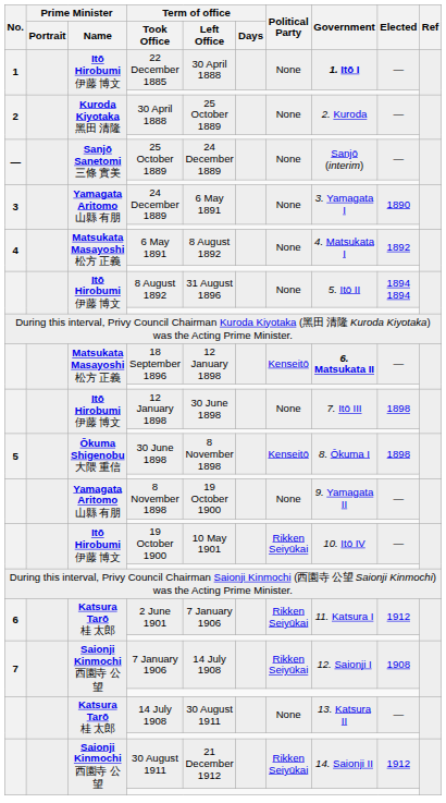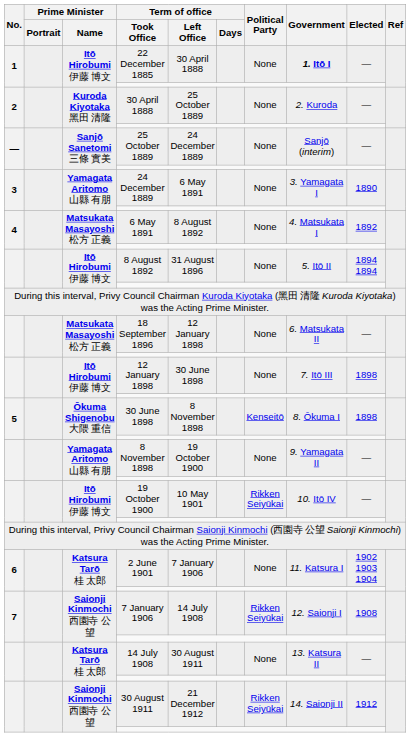 <table class="wikitable"  style="text-align:center; width:100%;">
 <tr>
 <th rowspan=2 style="width:25px;">No.</th>
 <th colspan=2 style="width:280px;">Prime Minister</th>
 <th colspan=3>Term of office</th>
 <th style="width:100px;" rowspan="2">Political Party</th>
 <th style="width:160px;" rowspan="2">Government</th>
 <th rowspan=2>Elected</th>
 <th rowspan=2 style="width:20px;">Ref</th>
 </tr>
 <tr>
 <th>Portrait</th>
 <th style="width:180px;">Name</th>
 <th>Took Office</th>
 <th>Left Office</th>
 <th>Days</th>
 </tr>
 <tr style="background:#eee;">
 <th rowspan=2 style="background:">1</th>
 <td rowspan=2></td>
 <td rowspan=2><strong><a href='#'>Itō Hirobumi</a></strong><br><span><span>伊藤 博文</span></span><br></td>
 <td>22 December 1885</td>
 <td>30 April 1888</td>
 <td></td>
 <td style="background:">None</td>
 <td><strong><em>1.</em> <a href='#'>Itō I</a></strong></td>
 <td>—</td>
 <td rowspan=2></td>
 </tr>
 <tr>
 <td colspan="6" style="text-align:left;"></td>
 </tr>
 <tr style="background:#eee;">
 <th rowspan=2 style="background:">2</th>
 <td rowspan=2></td>
 <td rowspan=2><strong><a href='#'>Kuroda Kiyotaka</a></strong><br><span><span>黑田 清隆</span></span><br></td>
 <td>30 April 1888</td>
 <td>25 October 1889</td>
 <td></td>
 <td style="background:">None</td>
 <td><em>2.</em> <a href='#'>Kuroda</a></td>
 <td>—</td>
 <td rowspan=2></td>
 </tr>
 <tr>
 <td colspan="6" style="text-align:left;"></td>
 </tr>
 <tr style="background:#eee;">
 <th rowspan=2 style="background:">—</th>
 <td rowspan=2></td>
 <td rowspan=2><strong><a href='#'>Sanjō Sanetomi</a></strong><br><span><span>三條 實美</span></span><br></td>
 <td>25 October 1889</td>
 <td>24 December 1889</td>
 <td></td>
 <td style="background:">None</td>
 <td><a href='#'>Sanjō</a> (<em>interim</em>)</td>
 <td>—</td>
 <td rowspan=2></td>
 </tr>
 <tr>
 <td colspan="6" style="text-align:left;"></td>
 </tr>
 <tr style="background:#eee;">
 <th rowspan=2 style="background:">3</th>
 <td rowspan=2></td>
 <td rowspan=2><strong><a href='#'>Yamagata Aritomo</a></strong><br><span><span>山縣 有朋</span></span><br></td>
 <td>24 December 1889</td>
 <td>6 May 1891</td>
 <td></td>
 <td style="background:">None</td>
 <td><em>3.</em> <a href='#'>Yamagata I</a></td>
 <td><a href='#'>1890</a></td>
 <td rowspan=2></td>
 </tr>
 <tr>
 <td colspan="6" style="text-align:left;"></td>
 </tr>
 <tr style="background:#eee;">
 <th rowspan=2 style="background:">4</th>
 <td rowspan=2></td>
 <td rowspan=2><strong><a href='#'>Matsukata Masayoshi</a></strong><br><span><span>松方 正義</span></span><br></td>
 <td>6 May 1891</td>
 <td>8 August 1892</td>
 <td></td>
 <td style="background:">None</td>
 <td><em>4.</em> <a href='#'>Matsukata I</a></td>
 <td><a href='#'>1892</a></td>
 <td rowspan=2></td>
 </tr>
 <tr>
 <td colspan="6" style="text-align:left;"></td>
 </tr>
 <tr style="background:#eee;">
 <th rowspan=2 style="background:"></th>
 <td rowspan=2></td>
 <td rowspan=2><strong><a href='#'>Itō Hirobumi</a></strong><br><span><span>伊藤 博文</span></span><br></td>
 <td>8 August 1892</td>
 <td>31 August 1896</td>
 <td></td>
 <td style="background:">None</td>
 <td><em>5.</em> <a href='#'>Itō II</a></td>
 <td><a href='#'> 1894</a><br><a href='#'> 1894</a></td>
 <td rowspan=2></td>
 </tr>
 <tr>
 <td colspan="6" style="text-align:left;"></td>
 </tr>
 <tr style="background:#eee;">
 <td colspan=10>During this interval, Privy Council Chairman <a href='#'>Kuroda Kiyotaka</a> (<span><span>黑田 清隆</span></span> <em>Kuroda Kiyotaka</em>) was the Acting Prime Minister.</td>
 </tr>
 <tr style="background:#eee;">
 <th rowspan=2 style="background:"></th>
 <td rowspan=2></td>
 <td rowspan=2><strong><a href='#'>Matsukata Masayoshi</a></strong><br><span><span>松方 正義</span></span><br></td>
 <td>18 September 1896</td>
 <td>12 January 1898</td>
 <td></td>
-<td style="background:"><a href='#'>Kenseitō</a></td>
-<td><strong><em>6.</em> <a href='#'>Matsukata II</a></strong></td>
+<td style="background:">None</td>
+<td><em>6.</em> <a href='#'>Matsukata II</a></td>
 <td>—</td>
 <td rowspan=2></td>
 </tr>
 <tr>
 <td colspan="6" style="text-align:left;"></td>
 </tr>
 <tr style="background:#eee;">
 <th rowspan=2 style="background:"></th>
 <td rowspan=2></td>
 <td rowspan=2><strong><a href='#'>Itō Hirobumi</a></strong><br><span><span>伊藤 博文</span></span><br></td>
 <td>12 January 1898</td>
 <td>30 June 1898</td>
 <td></td>
 <td style="background:">None</td>
 <td><em>7.</em> <a href='#'>Itō III</a></td>
 <td><a href='#'> 1898</a></td>
 <td rowspan=2></td>
 </tr>
 <tr>
 <td colspan="6" style="text-align:left;"></td>
 </tr>
 <tr style="background:#eee;">
 <th rowspan=2 style="background:">5</th>
 <td rowspan=2></td>
 <td rowspan=2><strong><a href='#'>Ōkuma Shigenobu</a></strong><br><span><span>大隈 重信</span></span><br></td>
 <td>30 June 1898</td>
 <td>8 November 1898</td>
 <td></td>
 <td style="background:"><a href='#'>Kenseitō</a></td>
 <td><em>8.</em> <a href='#'>Ōkuma I</a></td>
 <td><a href='#'> 1898</a></td>
 <td rowspan=2></td>
 </tr>
 <tr>
 <td colspan="6" style="text-align:left;"></td>
 </tr>
 <tr style="background:#eee;">
 <th rowspan=2 style="background:"></th>
 <td rowspan=2></td>
 <td rowspan=2><strong><a href='#'>Yamagata Aritomo</a></strong><br><span><span>山縣 有朋</span></span><br></td>
 <td>8 November 1898</td>
 <td>19 October 1900</td>
 <td></td>
 <td style="background:">None</td>
 <td><em>9.</em> <a href='#'>Yamagata II</a></td>
 <td>—</td>
 <td rowspan=2></td>
 </tr>
 <tr>
 <td colspan="6" style="text-align:left;"></td>
 </tr>
 <tr style="background:#eee;">
 <th rowspan=2 style="background:"></th>
 <td rowspan=2></td>
 <td rowspan=2><strong><a href='#'>Itō Hirobumi</a></strong><br><span><span>伊藤 博文</span></span><br></td>
 <td>19 October 1900</td>
 <td>10 May 1901</td>
 <td></td>
 <td style="background:"><a href='#'>Rikken Seiyūkai</a></td>
 <td><em>10.</em> <a href='#'>Itō IV</a></td>
 <td>—</td>
 <td rowspan=2></td>
 </tr>
 <tr>
 <td colspan="6" style="text-align:left;"></td>
 </tr>
 <tr style="background:#eee;">
 <td colspan=10>During this interval, Privy Council Chairman <a href='#'>Saionji Kinmochi</a> (<span><span>西園寺 公望</span></span> <em>Saionji Kinmochi</em>) was the Acting Prime Minister.</td>
 </tr>
 <tr style="background:#eee;">
 <th rowspan=2 style="background:">6</th>
 <td rowspan=2></td>
 <td rowspan=2><strong><a href='#'>Katsura Tarō</a></strong><br><span><span>桂 太郎</span></span><br></td>
 <td>2 June 1901</td>
 <td>7 January 1906</td>
 <td></td>
-<td style="background:"><a href='#'>Rikken Seiyūkai</a></td>
+<td style="background:">None </td>
 <td><em>11.</em> <a href='#'>Katsura I</a></td>
-<td><a href='#'>1912</a></td>
+<td><a href='#'>1902</a><br><a href='#'>1903</a><br><a href='#'>1904</a></td>
 <td rowspan=2></td>
 </tr>
 <tr>
 <td colspan="6" style="text-align:left;"></td>
 </tr>
 <tr style="background:#eee;">
 <th rowspan=2 style="background:">7</th>
 <td rowspan=2></td>
 <td rowspan=2><strong><a href='#'>Saionji Kinmochi</a></strong><br><span><span>西園寺 公望</span></span><br></td>
 <td>7 January 1906</td>
 <td>14 July 1908</td>
 <td></td>
 <td style="background:"><a href='#'>Rikken Seiyūkai</a></td>
 <td><em>12.</em> <a href='#'>Saionji I</a></td>
 <td><a href='#'>1908</a></td>
 <td rowspan=2></td>
 </tr>
 <tr>
 <td colspan="6" style="text-align:left;"></td>
 </tr>
 <tr style="background:#eee;">
 <th rowspan=2 style="background:"></th>
 <td rowspan=2></td>
 <td rowspan=2><strong><a href='#'>Katsura Tarō</a></strong><br><span><span>桂 太郎</span></span><br></td>
 <td>14 July 1908</td>
 <td>30 August 1911</td>
 <td></td>
 <td style="background:">None </td>
 <td><em>13.</em> <a href='#'>Katsura II</a></td>
 <td>—</td>
 <td rowspan=2></td>
 </tr>
 <tr>
 <td colspan="6" style="text-align:left;"></td>
 </tr>
 <tr style="background:#eee;">
 <th rowspan=2 style="background:"></th>
 <td rowspan=2></td>
 <td rowspan=2><strong><a href='#'>Saionji Kinmochi</a></strong><br><span><span>西園寺 公望</span></span><br></td>
 <td>30 August 1911</td>
 <td>21 December 1912</td>
 <td></td>
 <td style="background:"><a href='#'>Rikken Seiyūkai</a></td>
 <td><em>14.</em> <a href='#'>Saionji II</a></td>
 <td><a href='#'>1912</a></td>
 <td rowspan=2></td>
 </tr>
 <tr>
 <td colspan="6" style="text-align:left;"></td>
 </tr>
 </table>
